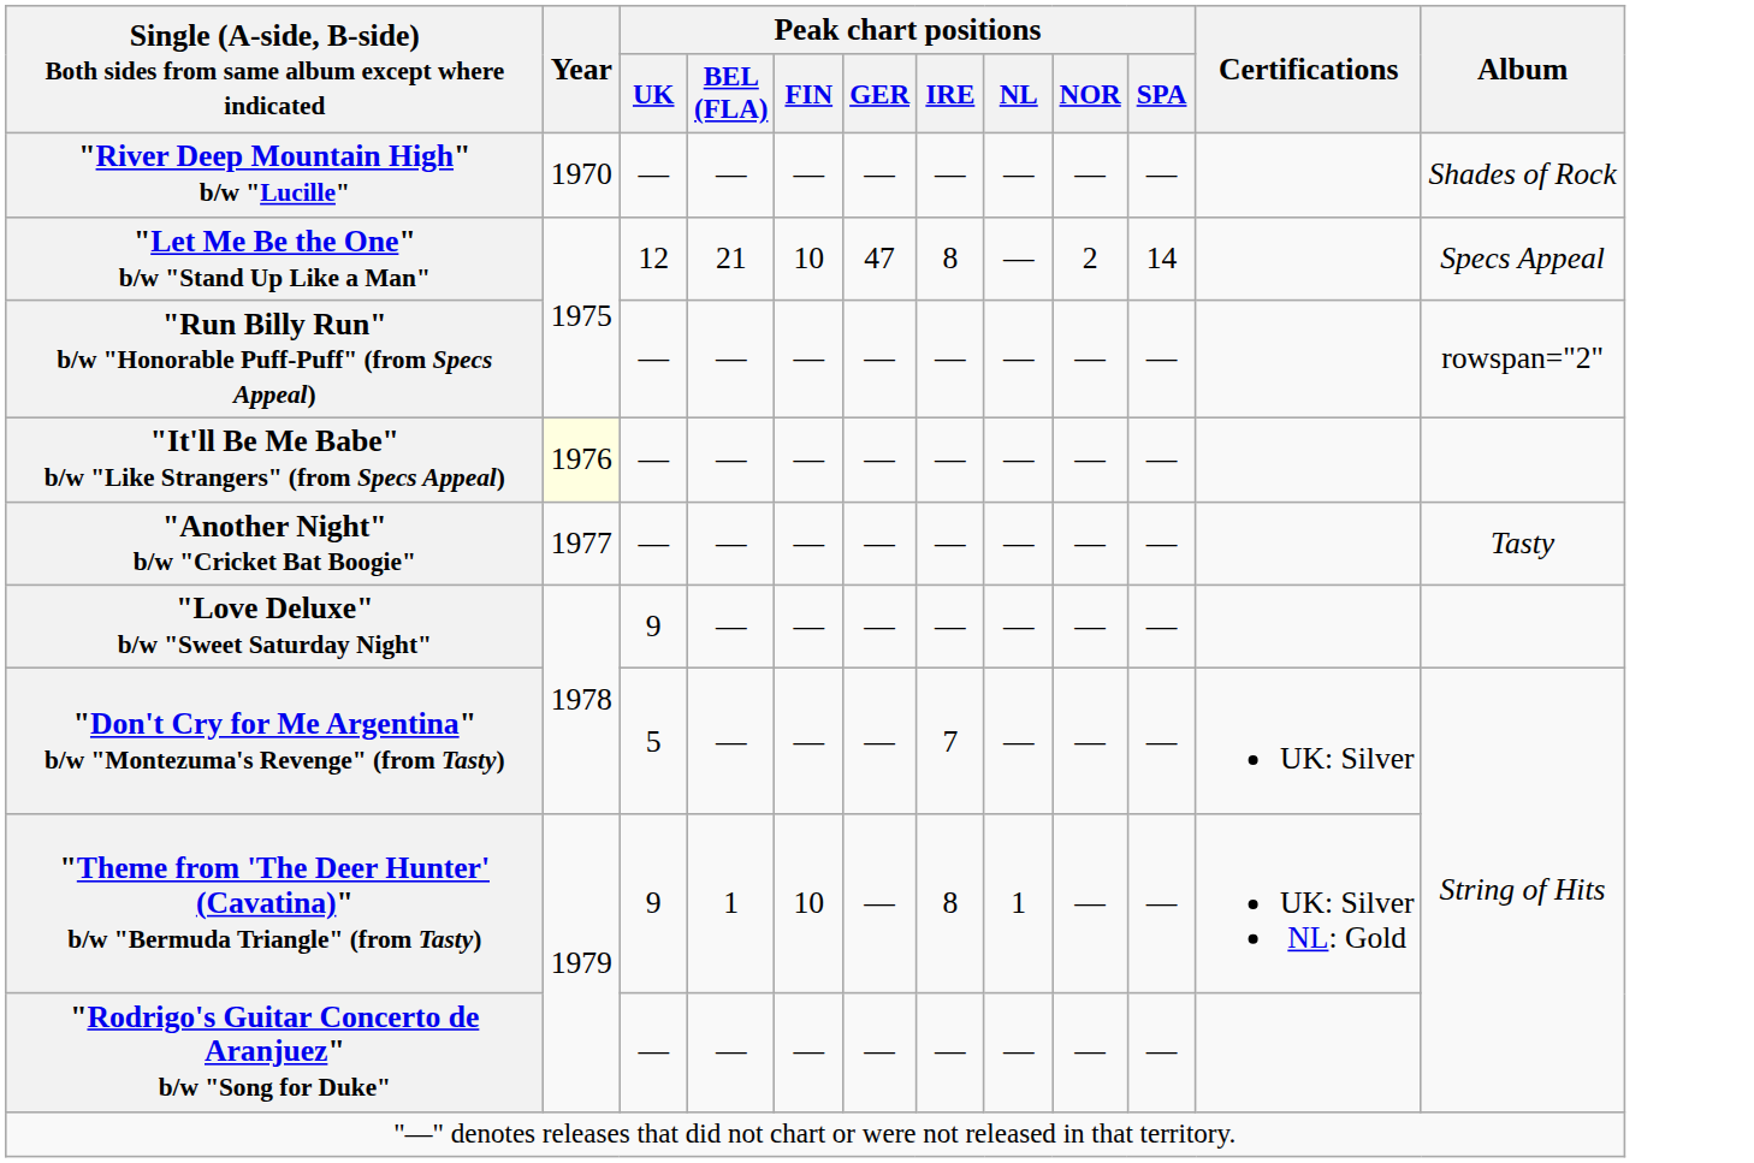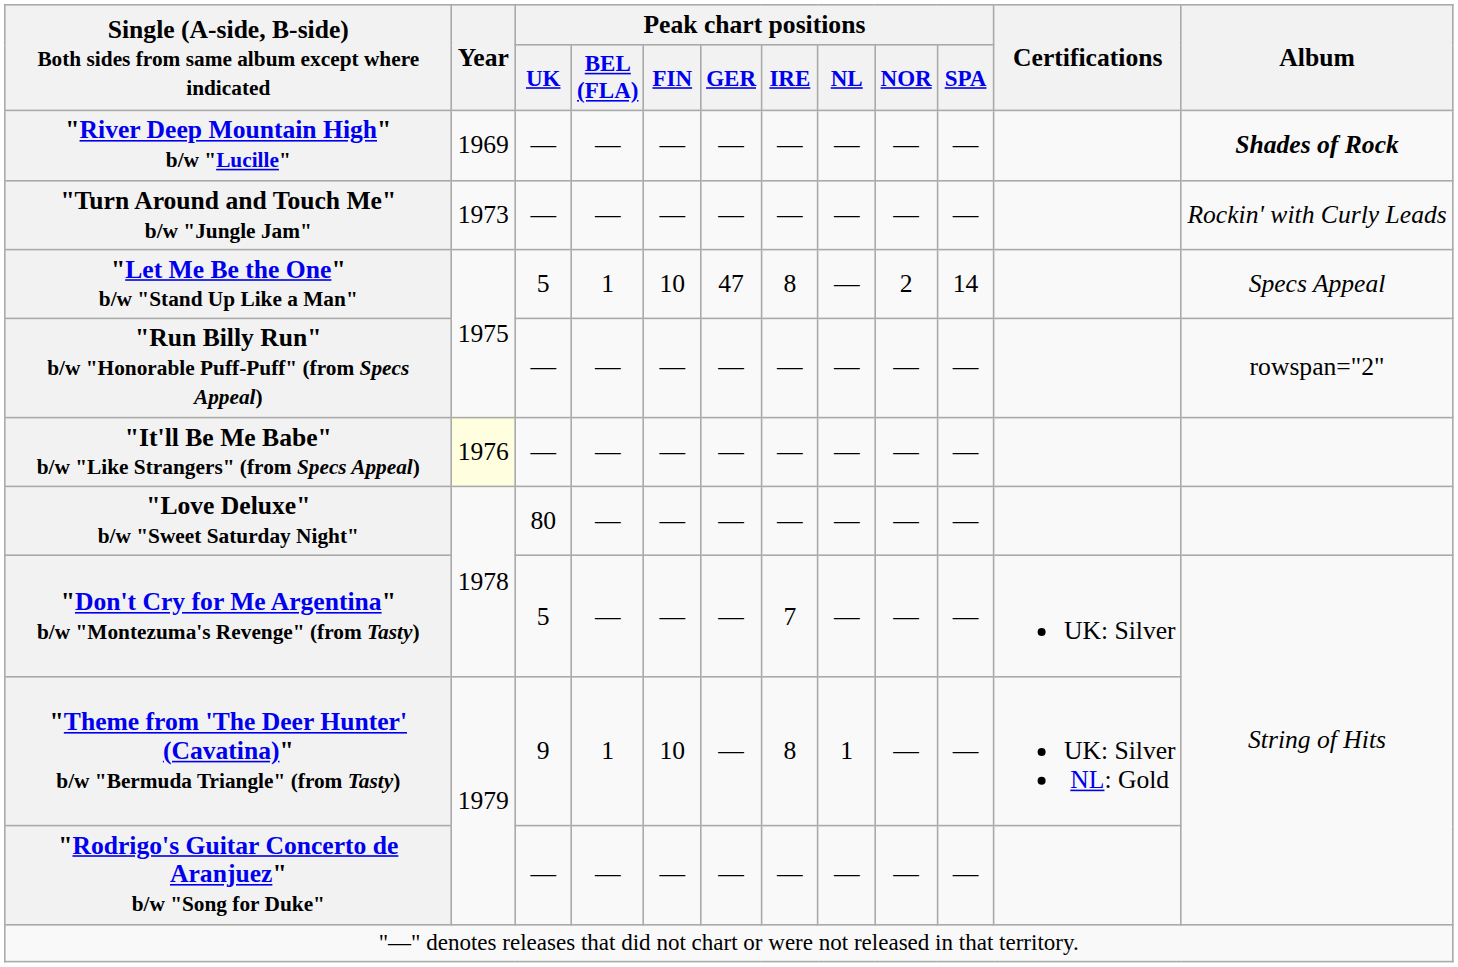 <table class="wikitable plainrowheaders" style="text-align:center;">
 <tr>
 <th rowspan="2" scope="col" style="width:17em;">Single (A-side, B-side)<br><small>Both sides from same album except where indicated</small></th>
 <th rowspan="2" scope="col" style="width:2em;">Year</th>
 <th colspan="8">Peak chart positions</th>
 <th rowspan="2">Certifications</th>
 <th rowspan="2">Album</th>
 </tr>
 <tr>
 <th scope="col" style="width:2em;font-size:90%;"><a href='#'>UK</a><br></th>
 <th scope="col" style="width:2em;font-size:90%;"><a href='#'>BEL (FLA)</a><br></th>
 <th scope="col" style="width:2em;font-size:90%;"><a href='#'>FIN</a><br></th>
 <th scope="col" style="width:2em;font-size:90%;"><a href='#'>GER</a><br></th>
 <th scope="col" style="width:2em;font-size:90%;"><a href='#'>IRE</a><br></th>
 <th scope="col" style="width:2em;font-size:90%;"><a href='#'>NL</a><br></th>
 <th scope="col" style="width:2em;font-size:90%;"><a href='#'>NOR</a><br></th>
 <th scope="col" style="width:2em;font-size:90%;"><a href='#'>SPA</a><br></th>
 </tr>
 <tr>
 <th scope="row">"<a href='#'>River Deep Mountain High</a>" <br><small>b/w "<a href='#'>Lucille</a>"</small></th>
-<td>1970</td>
+<td>1969</td>
 <td>—</td>
 <td>—</td>
 <td>—</td>
 <td>—</td>
 <td>—</td>
 <td>—</td>
 <td>—</td>
 <td>—</td>
 <td></td>
-<td><em>Shades of Rock</em></td>
+<td><strong><em>Shades of Rock</em></strong></td>
+</tr>
+<tr>
+<th scope="row">"Turn Around and Touch Me"<br><small>b/w "Jungle Jam"</small></th>
+<td>1973</td>
+<td>—</td>
+<td>—</td>
+<td>—</td>
+<td>—</td>
+<td>—</td>
+<td>—</td>
+<td>—</td>
+<td>—</td>
+<td></td>
+<td><em>Rockin' with Curly Leads</em></td>
 </tr>
 <tr>
 <th scope="row">"<a href='#'>Let Me Be the One</a>"<br><small>b/w "Stand Up Like a Man"</small></th>
 <td rowspan="2">1975</td>
-<td>12</td>
-<td>21</td>
+<td>5</td>
+<td>1</td>
 <td>10</td>
 <td>47</td>
 <td>8</td>
 <td>—</td>
 <td>2</td>
 <td>14</td>
 <td></td>
 <td><em>Specs Appeal</em></td>
 </tr>
 <tr>
 <th scope="row">"Run Billy Run"<br><small>b/w "Honorable Puff-Puff" (from <em>Specs Appeal</em>)</small></th>
 <td>—</td>
 <td>—</td>
 <td>—</td>
 <td>—</td>
 <td>—</td>
 <td>—</td>
 <td>—</td>
 <td>—</td>
 <td></td>
 <td>rowspan="2" </td>
 </tr>
 <tr>
 <th scope="row">"It'll Be Me Babe"<br><small>b/w "Like Strangers" (from <em>Specs Appeal</em>)</small></th>
 <td style="background: lightyellow;">1976</td>
 <td>—</td>
 <td>—</td>
 <td>—</td>
 <td>—</td>
 <td>—</td>
 <td>—</td>
 <td>—</td>
 <td>—</td>
 <td></td>
 </tr>
 <tr>
-<th scope="row">"Another Night"<br><small>b/w "Cricket Bat Boogie"</small></th>
-<td>1977</td>
-<td>—</td>
-<td>—</td>
-<td>—</td>
-<td>—</td>
-<td>—</td>
-<td>—</td>
-<td>—</td>
-<td>—</td>
-<td></td>
-<td><em>Tasty</em></td>
-</tr>
-<tr>
 <th scope="row">"Love Deluxe"<br><small>b/w "Sweet Saturday Night"</small></th>
 <td rowspan="2">1978</td>
-<td>9</td>
+<td>80</td>
 <td>—</td>
 <td>—</td>
 <td>—</td>
 <td>—</td>
 <td>—</td>
 <td>—</td>
 <td>—</td>
 <td></td>
 <td></td>
 </tr>
 <tr>
 <th scope="row">"<a href='#'>Don't Cry for Me Argentina</a>"<br><small>b/w "Montezuma's Revenge" (from <em>Tasty</em>)</small></th>
 <td>5</td>
 <td>—</td>
 <td>—</td>
 <td>—</td>
 <td>7</td>
 <td>—</td>
 <td>—</td>
 <td>—</td>
 <td><br><ul><li>UK: Silver</li></ul></td>
 <td rowspan="3"><em>String of Hits</em></td>
 </tr>
 <tr>
 <th scope="row">"<a href='#'>Theme from 'The Deer Hunter' (Cavatina)</a>"<br><small>b/w "Bermuda Triangle" (from <em>Tasty</em>)</small></th>
 <td rowspan="2">1979</td>
 <td>9</td>
 <td>1</td>
 <td>10</td>
 <td>—</td>
 <td>8</td>
 <td>1</td>
 <td>—</td>
 <td>—</td>
 <td><br><ul><li>UK: Silver</li><li><a href='#'>NL</a>: Gold</li></ul></td>
 </tr>
 <tr>
 <th scope="row">"<a href='#'>Rodrigo's Guitar Concerto de Aranjuez</a>"<br><small>b/w "Song for Duke"</small></th>
 <td>—</td>
 <td>—</td>
 <td>—</td>
 <td>—</td>
 <td>—</td>
 <td>—</td>
 <td>—</td>
 <td>—</td>
 <td></td>
 </tr>
 <tr>
 <td colspan="12" style="font-size:90%">"—" denotes releases that did not chart or were not released in that territory.</td>
 </tr>
 </table>
